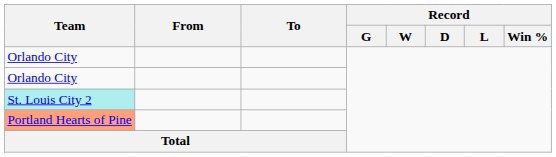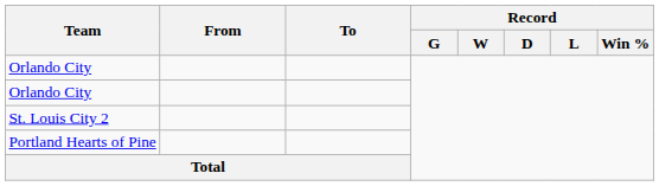 <table class="wikitable" style="text-align: center">
 <tr>
 <th rowspan=2! width=150>Team</th>
 <th rowspan=2! width=120>From</th>
 <th rowspan=2! width=120>To</th>
 <th colspan=7>Record</th>
 </tr>
 <tr>
 <th width=40>G</th>
 <th width=40>W</th>
 <th width=40>D</th>
 <th width=40>L</th>
 <th width=50>Win %</th>
 </tr>
 <tr>
 <td align=left><a href='#'>Orlando City</a></td>
 <td align=left></td>
 <td align=left><br></td>
 </tr>
 <tr>
 <td align=left><a href='#'>Orlando City</a></td>
 <td align=left></td>
 <td align=left><br></td>
 </tr>
 <tr>
-<td align=left style="background: paleturquoise;"><a href='#'>St. Louis City 2</a></td>
+<td align=left><a href='#'>St. Louis City 2</a></td>
 <td align=left></td>
 <td align=left><br></td>
 </tr>
 <tr>
-<td align=left style="background: lightsalmon;"><a href='#'>Portland Hearts of Pine</a></td>
+<td align=left><a href='#'>Portland Hearts of Pine</a></td>
 <td align=left></td>
 <td align=left><br></td>
 </tr>
 <tr>
 <th colspan="3">Total<br></th>
 </tr>
 </table>
